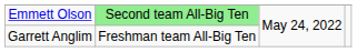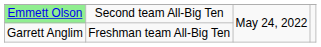 <table class="wikitable sortable" style="text-align: center">
 <tr align=center>
 </tr>
 <tr>
-<td><a href='#'>Emmett Olson</a></td>
-<td rowspan="1" style="background: lightgreen;">Second team All-Big Ten</td>
+<td style="background: lightgreen;"><a href='#'>Emmett Olson</a></td>
+<td rowspan="1">Second team All-Big Ten</td>
 <td rowspan="7">May 24, 2022</td>
 <td rowspan="7"></td>
 </tr>
 <tr>
 <td>Garrett Anglim</td>
 <td rowspan="1">Freshman team All-Big Ten</td>
 </tr>
 </table>
